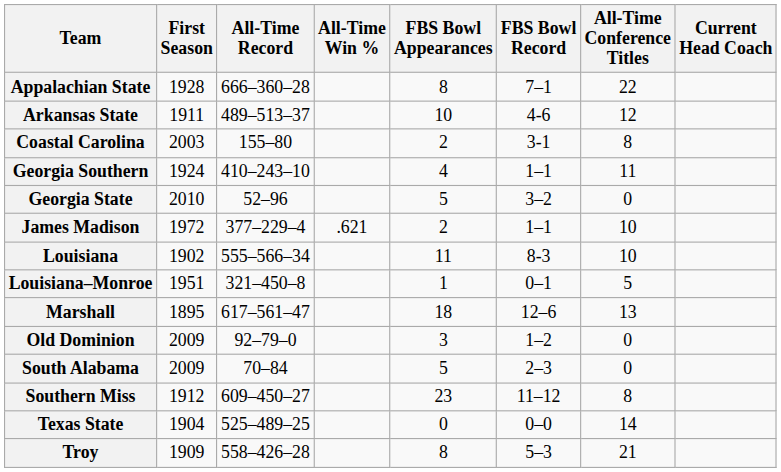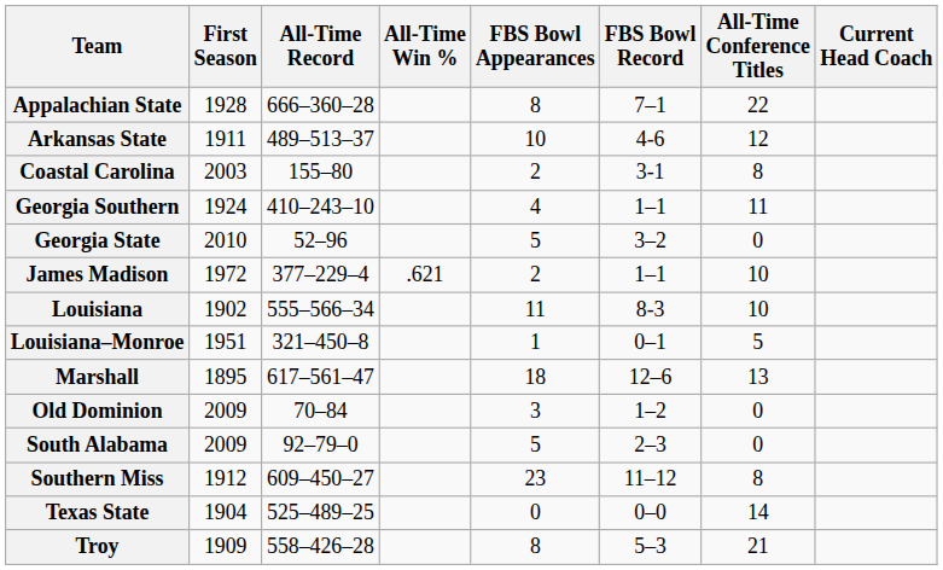 <table class="wikitable sortable" style="text-align: center;">
 <tr>
 <th>Team</th>
 <th>First<br>Season</th>
 <th>All-Time<br>Record</th>
 <th>All-Time<br>Win %</th>
 <th>FBS Bowl<br>Appearances</th>
 <th>FBS Bowl<br>Record</th>
 <th>All-Time<br>Conference<br>Titles</th>
 <th>Current<br>Head Coach</th>
 </tr>
 <tr>
 <th>Appalachian State</th>
 <td>1928</td>
 <td>666–360–28</td>
 <td></td>
 <td>8</td>
 <td>7–1</td>
 <td>22</td>
 <td></td>
 </tr>
 <tr>
 <th>Arkansas State</th>
 <td>1911</td>
 <td>489–513–37</td>
 <td></td>
 <td>10</td>
 <td>4-6</td>
 <td>12</td>
 <td></td>
 </tr>
 <tr>
 <th>Coastal Carolina</th>
 <td>2003</td>
 <td>155–80</td>
 <td></td>
 <td>2</td>
 <td>3-1</td>
 <td>8</td>
 <td></td>
 </tr>
 <tr>
 <th>Georgia Southern</th>
 <td>1924</td>
 <td>410–243–10</td>
 <td></td>
 <td>4</td>
 <td>1–1</td>
 <td>11</td>
 <td></td>
 </tr>
 <tr>
 <th>Georgia State</th>
 <td>2010</td>
 <td>52–96</td>
 <td></td>
 <td>5</td>
 <td>3–2</td>
 <td>0</td>
 <td></td>
 </tr>
 <tr>
 <th>James Madison</th>
 <td>1972</td>
 <td>377–229–4</td>
 <td>.621</td>
 <td>2</td>
 <td>1–1</td>
 <td>10</td>
 <td></td>
 </tr>
 <tr>
 <th>Louisiana</th>
 <td>1902</td>
 <td>555–566–34</td>
 <td></td>
 <td>11</td>
 <td>8-3</td>
 <td>10</td>
 <td></td>
 </tr>
 <tr>
 <th>Louisiana–Monroe</th>
 <td>1951</td>
 <td>321–450–8</td>
 <td></td>
 <td>1</td>
 <td>0–1</td>
 <td>5</td>
 <td></td>
 </tr>
 <tr>
 <th>Marshall</th>
 <td>1895</td>
 <td>617–561–47</td>
 <td></td>
 <td>18</td>
 <td>12–6</td>
 <td>13</td>
 <td></td>
 </tr>
 <tr>
 <th>Old Dominion</th>
 <td>2009</td>
-<td>92–79–0</td>
+<td>70–84</td>
 <td></td>
 <td>3</td>
 <td>1–2</td>
 <td>0</td>
 <td></td>
 </tr>
 <tr>
 <th>South Alabama</th>
 <td>2009</td>
-<td>70–84</td>
+<td>92–79–0</td>
 <td></td>
 <td>5</td>
 <td>2–3</td>
 <td>0</td>
 <td></td>
 </tr>
 <tr>
 <th>Southern Miss</th>
 <td>1912</td>
 <td>609–450–27</td>
 <td></td>
 <td>23</td>
 <td>11–12</td>
 <td>8</td>
 <td></td>
 </tr>
 <tr>
 <th>Texas State</th>
 <td>1904</td>
 <td>525–489–25</td>
 <td></td>
 <td>0</td>
 <td>0–0</td>
 <td>14</td>
 <td></td>
 </tr>
 <tr>
 <th>Troy</th>
 <td>1909</td>
 <td>558–426–28</td>
 <td></td>
 <td>8</td>
 <td>5–3</td>
 <td>21</td>
 <td></td>
 </tr>
 </table>
